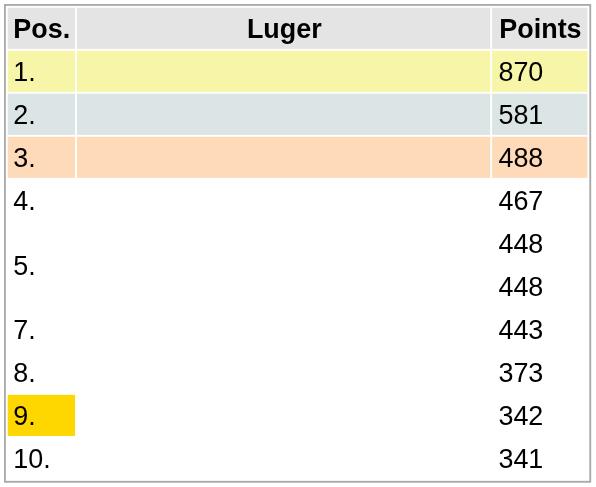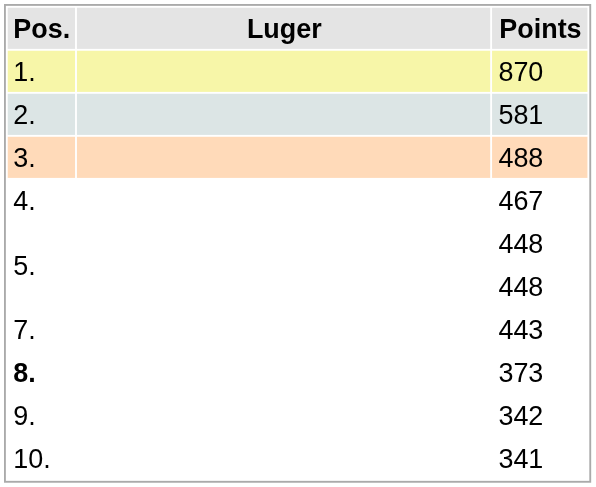 <table cellspacing="1" cellpadding="3" style="border:1px solid #aaa; font-size:90%;">
 <tr style="background:#e4e4e4;">
 <th style="width:10px;">Pos.</th>
 <th style="width:215px;">Luger</th>
 <th style="width:45px;">Points</th>
 </tr>
 <tr style="background:#f7f6a8;">
 <td>1.</td>
 <td align="left"><strong></strong></td>
 <td>870</td>
 </tr>
 <tr style="background:#dce5e5;">
 <td>2.</td>
 <td align="left"></td>
 <td>581</td>
 </tr>
 <tr style="background:#ffdab9;">
 <td>3.</td>
 <td align="left"></td>
 <td>488</td>
 </tr>
 <tr>
 <td>4.</td>
 <td align="left"></td>
 <td>467</td>
 </tr>
 <tr>
 <td rowspan=2>5.</td>
 <td align="left"></td>
 <td>448</td>
 </tr>
 <tr>
 <td align="left"></td>
 <td>448</td>
 </tr>
 <tr>
 <td>7.</td>
 <td align="left"></td>
 <td>443</td>
 </tr>
 <tr>
-<td>8.</td>
+<td><strong>8.</strong></td>
 <td align="left"></td>
 <td>373</td>
 </tr>
 <tr>
-<td style="background: gold;">9.</td>
+<td>9.</td>
 <td align="left"></td>
 <td>342</td>
 </tr>
 <tr>
 <td>10.</td>
 <td align="left"></td>
 <td>341</td>
 </tr>
 </table>
